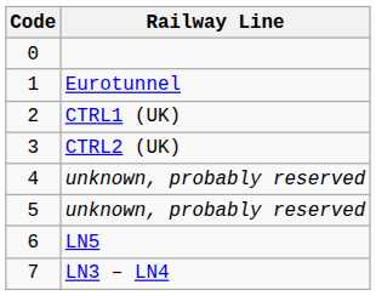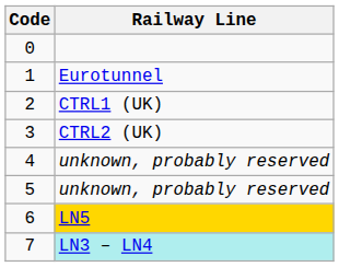 <table class="wikitable" style="float:right">
 <tr>
 <th align="center">Code</th>
 <th align="left">Railway Line</th>
 </tr>
 <tr>
 <td align="center">0</td>
 <td></td>
 </tr>
 <tr>
 <td align="center">1</td>
 <td><a href='#'>Eurotunnel</a></td>
 </tr>
 <tr>
 <td align="center">2</td>
 <td><a href='#'>CTRL1</a> (UK)</td>
 </tr>
 <tr>
 <td align="center">3</td>
 <td><a href='#'>CTRL2</a> (UK)</td>
 </tr>
 <tr>
 <td align="center">4</td>
 <td><em>unknown, probably reserved</em></td>
 </tr>
 <tr>
 <td align="center">5</td>
 <td><em>unknown, probably reserved</em></td>
 </tr>
 <tr>
 <td align="center">6</td>
-<td><a href='#'>LN5</a></td>
+<td style="background: gold;"><a href='#'>LN5</a></td>
 </tr>
 <tr>
 <td align="center">7</td>
-<td><a href='#'>LN3</a> – <a href='#'>LN4</a></td>
+<td style="background: paleturquoise;"><a href='#'>LN3</a> – <a href='#'>LN4</a></td>
 </tr>
 </table>
